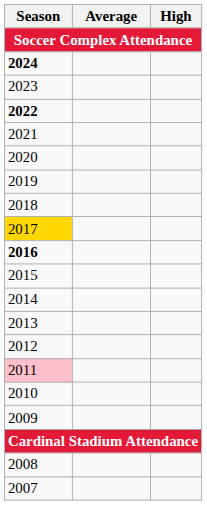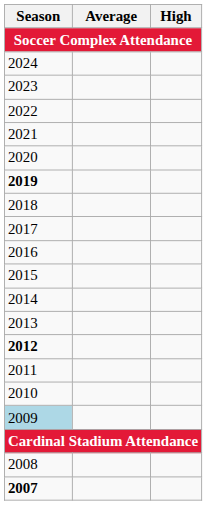 <table class="wikitable">
 <tr>
 <th>Season</th>
 <th>Average</th>
 <th>High</th>
 </tr>
 <tr>
 <th colspan=3 style="background:#E31937; color:white;">Soccer Complex Attendance</th>
 </tr>
 <tr>
-<td><strong>2024</strong></td>
+<td>2024</td>
 <td></td>
 <td></td>
 </tr>
 <tr>
 <td>2023</td>
 <td></td>
 <td></td>
 </tr>
 <tr>
-<td><strong>2022</strong></td>
+<td>2022</td>
 <td></td>
 <td></td>
 </tr>
 <tr>
 <td>2021</td>
 <td></td>
 <td></td>
 </tr>
 <tr>
 <td>2020</td>
 <td></td>
 <td></td>
 </tr>
 <tr>
-<td>2019</td>
+<td><strong>2019</strong></td>
 <td></td>
 <td></td>
 </tr>
 <tr>
 <td>2018</td>
 <td></td>
 <td></td>
 </tr>
 <tr>
-<td style="background: gold;">2017</td>
+<td>2017</td>
 <td></td>
 <td></td>
 </tr>
 <tr>
-<td><strong>2016</strong></td>
+<td>2016</td>
 <td></td>
 <td></td>
 </tr>
 <tr>
 <td>2015</td>
 <td></td>
 <td></td>
 </tr>
 <tr>
 <td>2014</td>
 <td></td>
 <td></td>
 </tr>
 <tr>
 <td>2013</td>
 <td></td>
 <td></td>
 </tr>
 <tr>
-<td>2012</td>
+<td><strong>2012</strong></td>
 <td></td>
 <td></td>
 </tr>
 <tr>
-<td style="background: pink;">2011</td>
+<td>2011</td>
 <td></td>
 <td></td>
 </tr>
 <tr>
 <td>2010</td>
 <td></td>
 <td></td>
 </tr>
 <tr>
-<td>2009</td>
+<td style="background: lightblue;">2009</td>
 <td></td>
 <td></td>
 </tr>
 <tr>
 <th colspan=3 style="background:#E31937; color:white;">Cardinal Stadium Attendance</th>
 </tr>
 <tr>
 <td>2008</td>
 <td></td>
 <td></td>
 </tr>
 <tr>
-<td>2007</td>
+<td><strong>2007</strong></td>
 <td></td>
 <td></td>
 </tr>
 </table>
